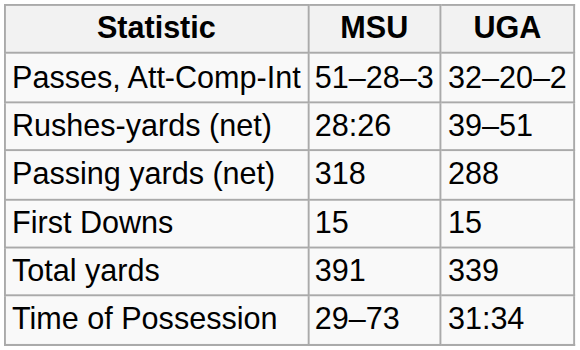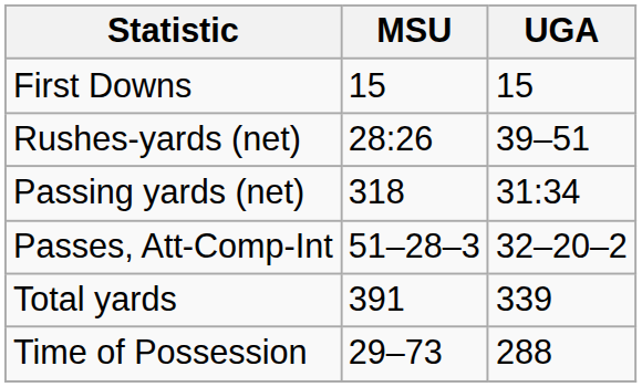 <table class="wikitable">
 <tr>
 <th>Statistic</th>
 <th><strong>MSU</strong></th>
 <th><strong>UGA</strong></th>
 </tr>
 <tr>
-<td>Passes, Att-Comp-Int</td>
-<td>51–28–3</td>
-<td>32–20–2</td>
+<td>First Downs</td>
+<td>15</td>
+<td>15</td>
 </tr>
 <tr>
 <td>Rushes-yards (net)</td>
 <td>28:26</td>
 <td>39–51</td>
 </tr>
 <tr>
 <td>Passing yards (net)</td>
 <td>318</td>
-<td>288</td>
+<td>31:34</td>
 </tr>
 <tr>
-<td>First Downs</td>
-<td>15</td>
-<td>15</td>
+<td>Passes, Att-Comp-Int</td>
+<td>51–28–3</td>
+<td>32–20–2</td>
 </tr>
 <tr>
 <td>Total yards</td>
 <td>391</td>
 <td>339</td>
 </tr>
 <tr>
 <td>Time of Possession</td>
 <td>29–73</td>
-<td>31:34</td>
+<td>288</td>
 </tr>
 <tr>
 </tr>
 </table>
